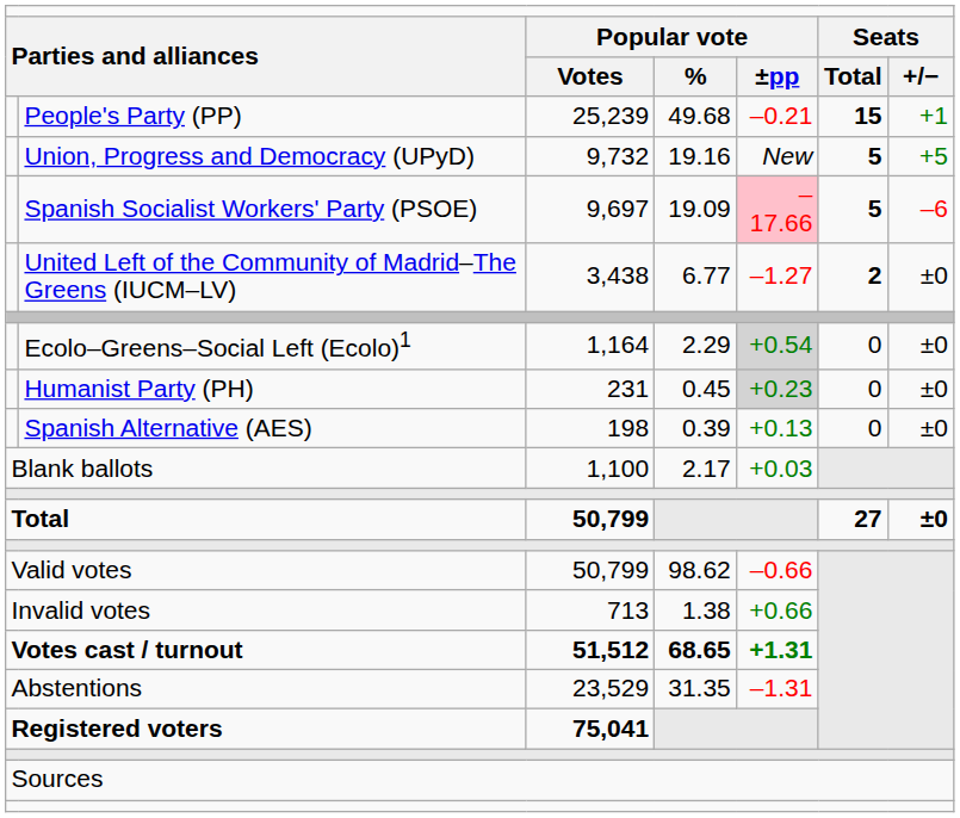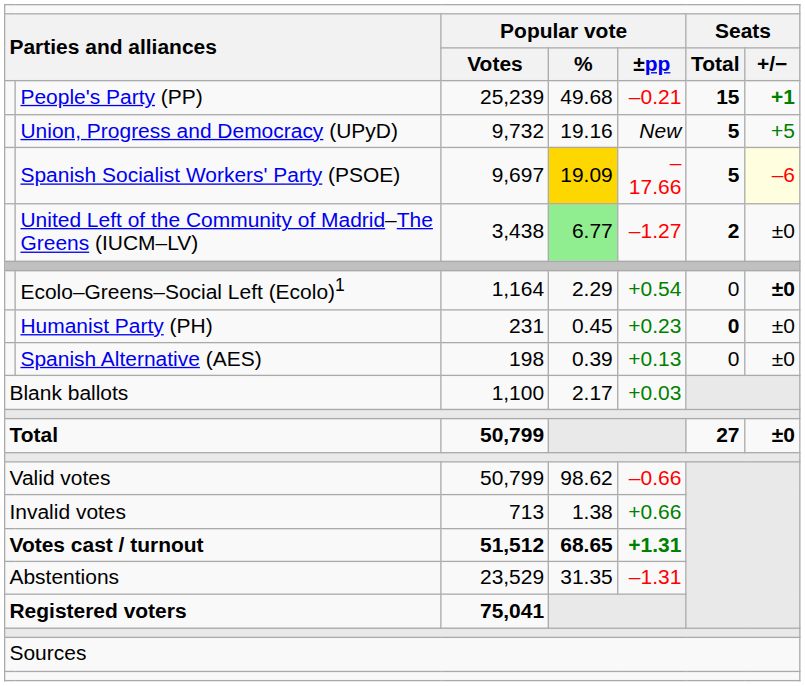 <table class="wikitable" style="text-align:right;">
 <tr>
 <td colspan="7"></td>
 </tr>
 <tr>
 <th style="text-align:left;" rowspan="2" colspan="2" width="525">Parties and alliances</th>
 <th colspan="3">Popular vote</th>
 <th colspan="2">Seats</th>
 </tr>
 <tr>
 <th width="75">Votes</th>
 <th width="45">%</th>
 <th width="45">±<a href='#'>pp</a></th>
 <th width="35">Total</th>
 <th width="35">+/−</th>
 </tr>
 <tr>
 <td width="1" style="color:inherit;background:"></td>
 <td align="left"><a href='#'>People's Party</a> (PP)</td>
 <td>25,239</td>
 <td>49.68</td>
 <td style="color:red;">–0.21</td>
 <td><strong>15</strong></td>
-<td style="color:green;">+1</td>
+<td style="color:green;"><strong>+1</strong></td>
 </tr>
 <tr>
 <td style="color:inherit;background:"></td>
 <td align="left"><a href='#'>Union, Progress and Democracy</a> (UPyD)</td>
 <td>9,732</td>
 <td>19.16</td>
 <td><em>New</em></td>
 <td><strong>5</strong></td>
 <td style="color:green;">+5</td>
 </tr>
 <tr>
 <td style="color:inherit;background:"></td>
 <td align="left"><a href='#'>Spanish Socialist Workers' Party</a> (PSOE)</td>
 <td>9,697</td>
-<td>19.09</td>
-<td style="background: pink; color:red;">–17.66</td>
+<td style="background: gold;">19.09</td>
+<td style="color:red;">–17.66</td>
 <td><strong>5</strong></td>
-<td style="color:red;">–6</td>
+<td style="background: lightyellow; color:red;">–6</td>
 </tr>
 <tr>
 <td style="color:inherit;background:"></td>
 <td align="left"><a href='#'>United Left of the Community of Madrid</a>–<a href='#'>The Greens</a> (IUCM–LV)</td>
 <td>3,438</td>
-<td>6.77</td>
+<td style="background: lightgreen;">6.77</td>
 <td style="color:red;">–1.27</td>
 <td><strong>2</strong></td>
 <td>±0</td>
 </tr>
 <tr>
 <td colspan="7" bgcolor="#C0C0C0"></td>
 </tr>
 <tr>
 <td style="color:inherit;background:"></td>
 <td align="left">Ecolo–Greens–Social Left (Ecolo)<sup>1</sup></td>
 <td>1,164</td>
 <td>2.29</td>
-<td style="background: lightgrey; color:green;">+0.54</td>
+<td style="color:green;">+0.54</td>
 <td>0</td>
-<td>±0</td>
+<td><strong>±0</strong></td>
 </tr>
 <tr>
 <td style="color:inherit;background:"></td>
 <td align="left"><a href='#'>Humanist Party</a> (PH)</td>
 <td>231</td>
 <td>0.45</td>
-<td style="background: lightgrey; color:green;">+0.23</td>
-<td>0</td>
+<td style="color:green;">+0.23</td>
+<td><strong>0</strong></td>
 <td>±0</td>
 </tr>
 <tr>
 <td style="color:inherit;background:"></td>
 <td align="left"><a href='#'>Spanish Alternative</a> (AES)</td>
 <td>198</td>
 <td>0.39</td>
 <td style="color:green;">+0.13</td>
 <td>0</td>
 <td>±0</td>
 </tr>
 <tr>
 <td align="left" colspan="2">Blank ballots</td>
 <td>1,100</td>
 <td>2.17</td>
 <td style="color:green;">+0.03</td>
 <td bgcolor="#E9E9E9" colspan="2"></td>
 </tr>
 <tr>
 <td colspan="7" bgcolor="#E9E9E9"></td>
 </tr>
 <tr style="font-weight:bold;">
 <td align="left" colspan="2">Total</td>
 <td>50,799</td>
 <td bgcolor="#E9E9E9" colspan="2"></td>
 <td>27</td>
 <td>±0</td>
 </tr>
 <tr>
 <td colspan="7" bgcolor="#E9E9E9"></td>
 </tr>
 <tr>
 <td align="left" colspan="2">Valid votes</td>
 <td>50,799</td>
 <td>98.62</td>
 <td style="color:red;">–0.66</td>
 <td bgcolor="#E9E9E9" colspan="2" rowspan="5"></td>
 </tr>
 <tr>
 <td align="left" colspan="2">Invalid votes</td>
 <td>713</td>
 <td>1.38</td>
 <td style="color:green;">+0.66</td>
 </tr>
 <tr style="font-weight:bold;">
 <td align="left" colspan="2">Votes cast / turnout</td>
 <td>51,512</td>
 <td>68.65</td>
 <td style="color:green;">+1.31</td>
 </tr>
 <tr>
 <td align="left" colspan="2">Abstentions</td>
 <td>23,529</td>
 <td>31.35</td>
 <td style="color:red;">–1.31</td>
 </tr>
 <tr style="font-weight:bold;">
 <td align="left" colspan="2">Registered voters</td>
 <td>75,041</td>
 <td bgcolor="#E9E9E9" colspan="2"></td>
 </tr>
 <tr>
 <td colspan="7" bgcolor="#E9E9E9"></td>
 </tr>
 <tr>
 <td align="left" colspan="7">Sources</td>
 </tr>
 <tr>
 <td colspan="7" style="text-align:left; max-width:790px;"></td>
 </tr>
 </table>
